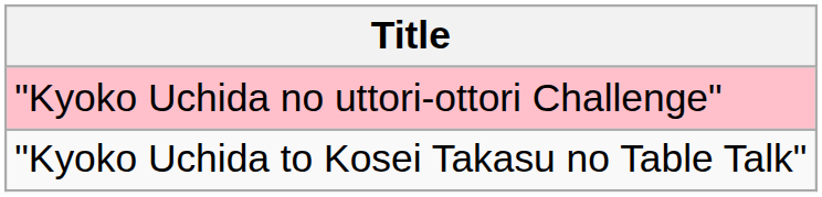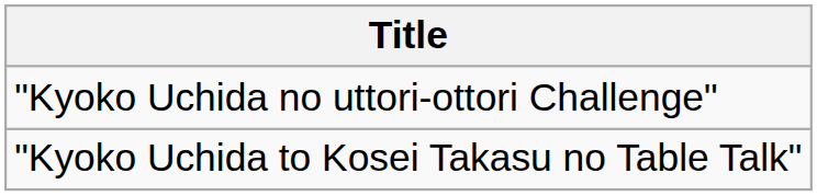 <table class="wikitable">
 <tr>
 <th>Title</th>
 </tr>
 <tr>
-<td style="background: pink;">"Kyoko Uchida no uttori-ottori Challenge"</td>
+<td>"Kyoko Uchida no uttori-ottori Challenge"</td>
 </tr>
 <tr>
 <td>"Kyoko Uchida to Kosei Takasu no Table Talk"</td>
 </tr>
 </table>
